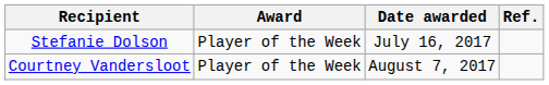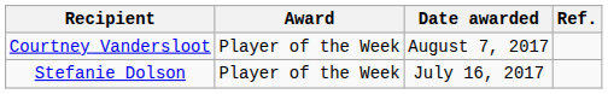 <table class="wikitable sortable sortable" style="text-align: center">
 <tr>
 <th>Recipient</th>
 <th>Award</th>
 <th>Date awarded</th>
 <th>Ref.</th>
 </tr>
 <tr>
+<td><a href='#'>Courtney Vandersloot</a></td>
+<td>Player of the Week</td>
+<td>August 7, 2017</td>
+<td></td>
+</tr>
+<tr>
 <td><a href='#'>Stefanie Dolson</a></td>
 <td>Player of the Week</td>
 <td>July 16, 2017</td>
 <td></td>
 </tr>
-<tr>
-<td><a href='#'>Courtney Vandersloot</a></td>
-<td>Player of the Week</td>
-<td>August 7, 2017</td>
-<td></td>
-</tr>
 </table>
